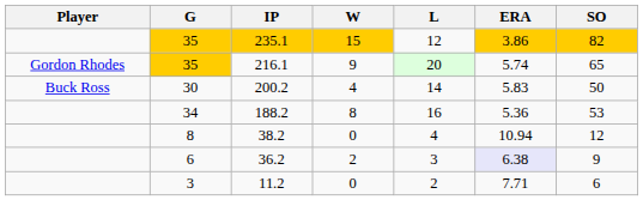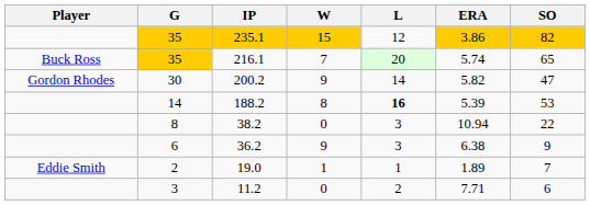 <table class="wikitable sortable">
 <tr>
 <th bgcolor="#DDDDFF" width="16%">Player</th>
 <th bgcolor="#DDDDFF" width="9%">G</th>
 <th bgcolor="#DDDDFF" width="9%">IP</th>
 <th bgcolor="#DDDDFF" width="9%">W</th>
 <th bgcolor="#DDDDFF" width="9%">L</th>
 <th bgcolor="#DDDDFF" width="9%">ERA</th>
 <th bgcolor="#DDDDFF" width="9%">SO</th>
 </tr>
 <tr align="center">
 <td></td>
 <td style="background:#fc0;">35</td>
 <td style="background:#fc0;">235.1</td>
 <td style="background:#fc0;">15</td>
 <td>12</td>
 <td style="background:#fc0;">3.86</td>
 <td style="background:#fc0;">82</td>
 </tr>
 <tr align="center">
-<td><a href='#'>Gordon Rhodes</a></td>
+<td><a href='#'>Buck Ross</a></td>
 <td style="background:#fc0;">35</td>
 <td>216.1</td>
-<td>9</td>
+<td>7</td>
 <td style="background:#DDFFDD;">20</td>
 <td>5.74</td>
 <td>65</td>
 </tr>
 <tr align=center>
-<td><a href='#'>Buck Ross</a></td>
+<td><a href='#'>Gordon Rhodes</a></td>
 <td>30</td>
 <td>200.2</td>
-<td>4</td>
+<td>9</td>
 <td>14</td>
-<td>5.83</td>
-<td>50</td>
+<td>5.82</td>
+<td>47</td>
 </tr>
 <tr align=center>
 <td></td>
-<td>34</td>
+<td>14</td>
 <td>188.2</td>
 <td>8</td>
-<td>16</td>
-<td>5.36</td>
+<td><strong>16</strong></td>
+<td>5.39</td>
 <td>53</td>
 </tr>
 <tr align="center">
 <td></td>
 <td>8</td>
 <td>38.2</td>
 <td>0</td>
-<td>4</td>
+<td>3</td>
 <td>10.94</td>
-<td>12</td>
+<td>22</td>
 </tr>
 <tr align="center">
 <td></td>
 <td>6</td>
 <td>36.2</td>
+<td>9</td>
+<td>3</td>
+<td>6.38</td>
+<td>9</td>
+</tr>
+<tr align="center">
+<td><a href='#'>Eddie Smith</a></td>
 <td>2</td>
-<td>3</td>
-<td style="background: lavender;">6.38</td>
-<td>9</td>
+<td>19.0</td>
+<td>1</td>
+<td>1</td>
+<td>1.89</td>
+<td>7</td>
 </tr>
 <tr align=center>
 <td></td>
 <td>3</td>
 <td>11.2</td>
 <td>0</td>
 <td>2</td>
 <td>7.71</td>
 <td>6</td>
 </tr>
 </table>
